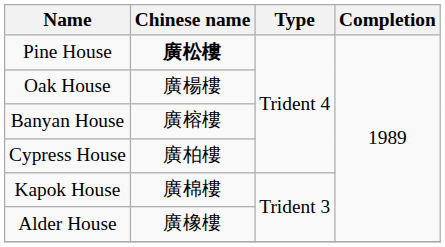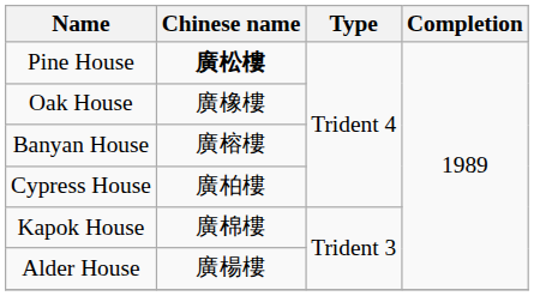 <table class="wikitable" style="text-align: center">
 <tr>
 <th>Name</th>
 <th>Chinese name</th>
 <th>Type</th>
 <th>Completion</th>
 </tr>
 <tr>
 <td>Pine House</td>
 <td><strong>廣松樓</strong></td>
 <td rowspan="4">Trident 4</td>
 <td rowspan="6">1989</td>
 </tr>
 <tr>
 <td>Oak House</td>
-<td>廣楊樓</td>
+<td>廣橡樓</td>
 </tr>
 <tr>
 <td>Banyan House</td>
 <td>廣榕樓</td>
 </tr>
 <tr>
 <td>Cypress House</td>
 <td>廣柏樓</td>
 </tr>
 <tr>
 <td>Kapok House</td>
 <td>廣棉樓</td>
 <td rowspan="2">Trident 3</td>
 </tr>
 <tr>
 <td>Alder House</td>
-<td>廣橡樓</td>
+<td>廣楊樓</td>
 </tr>
 <tr>
 </tr>
 </table>
